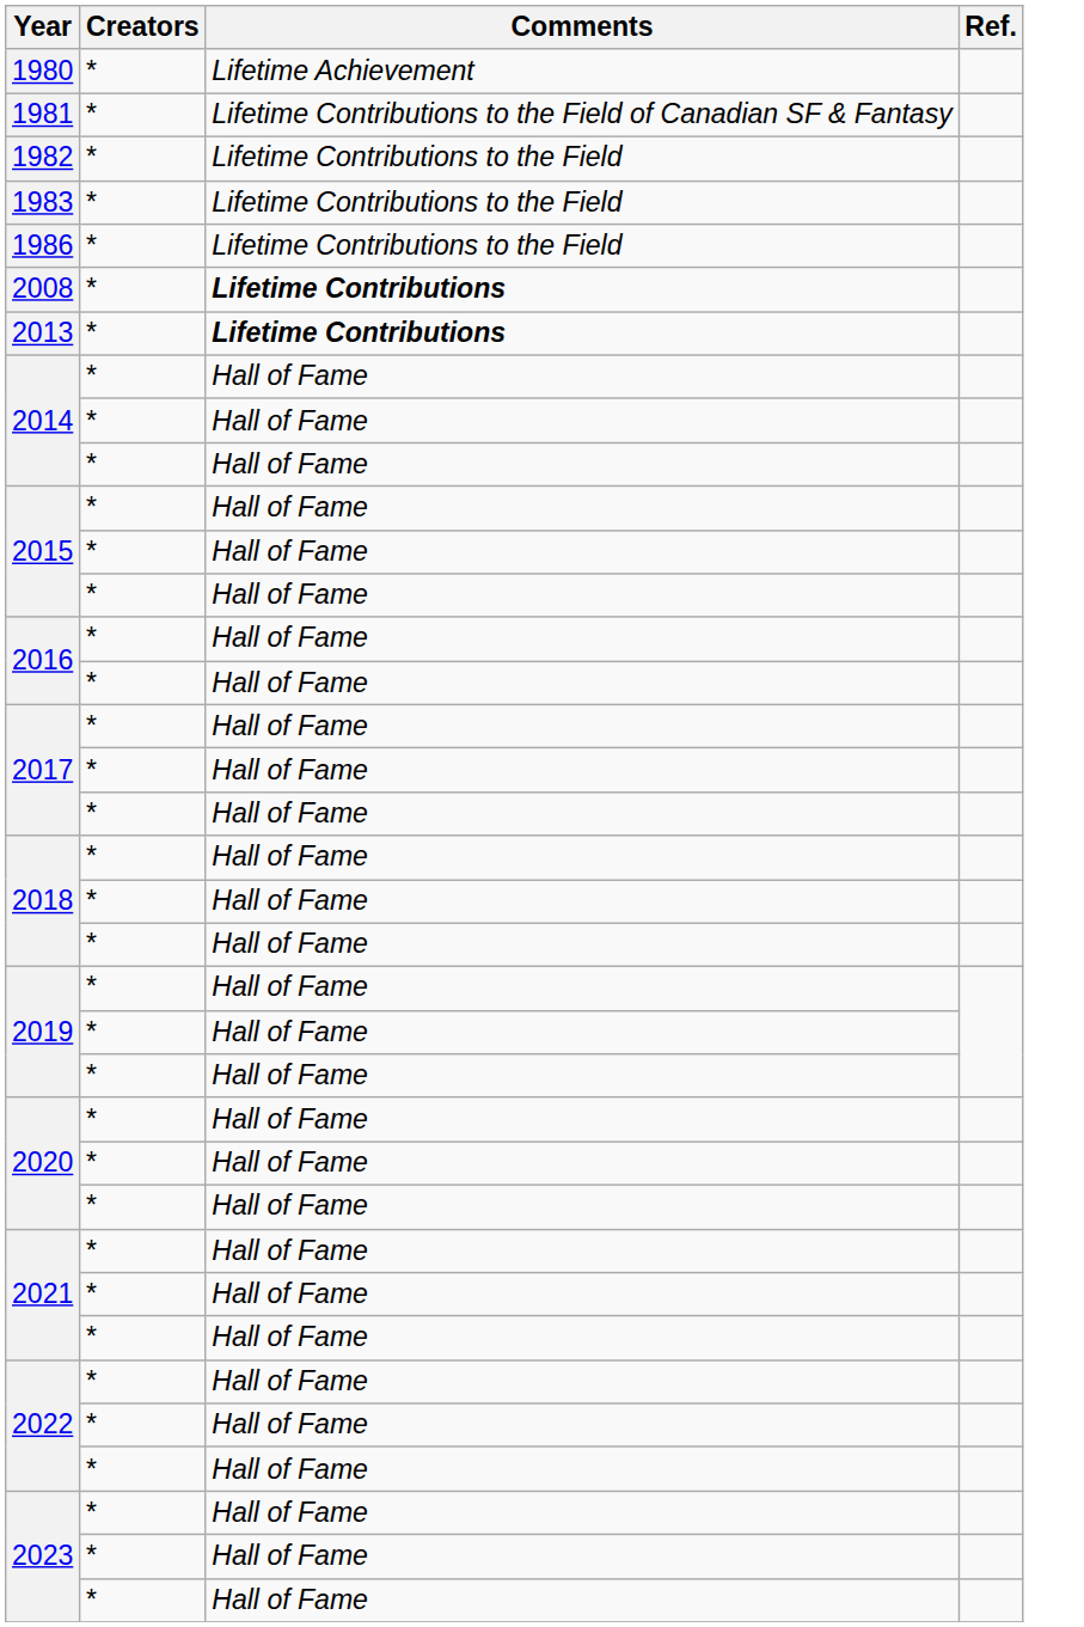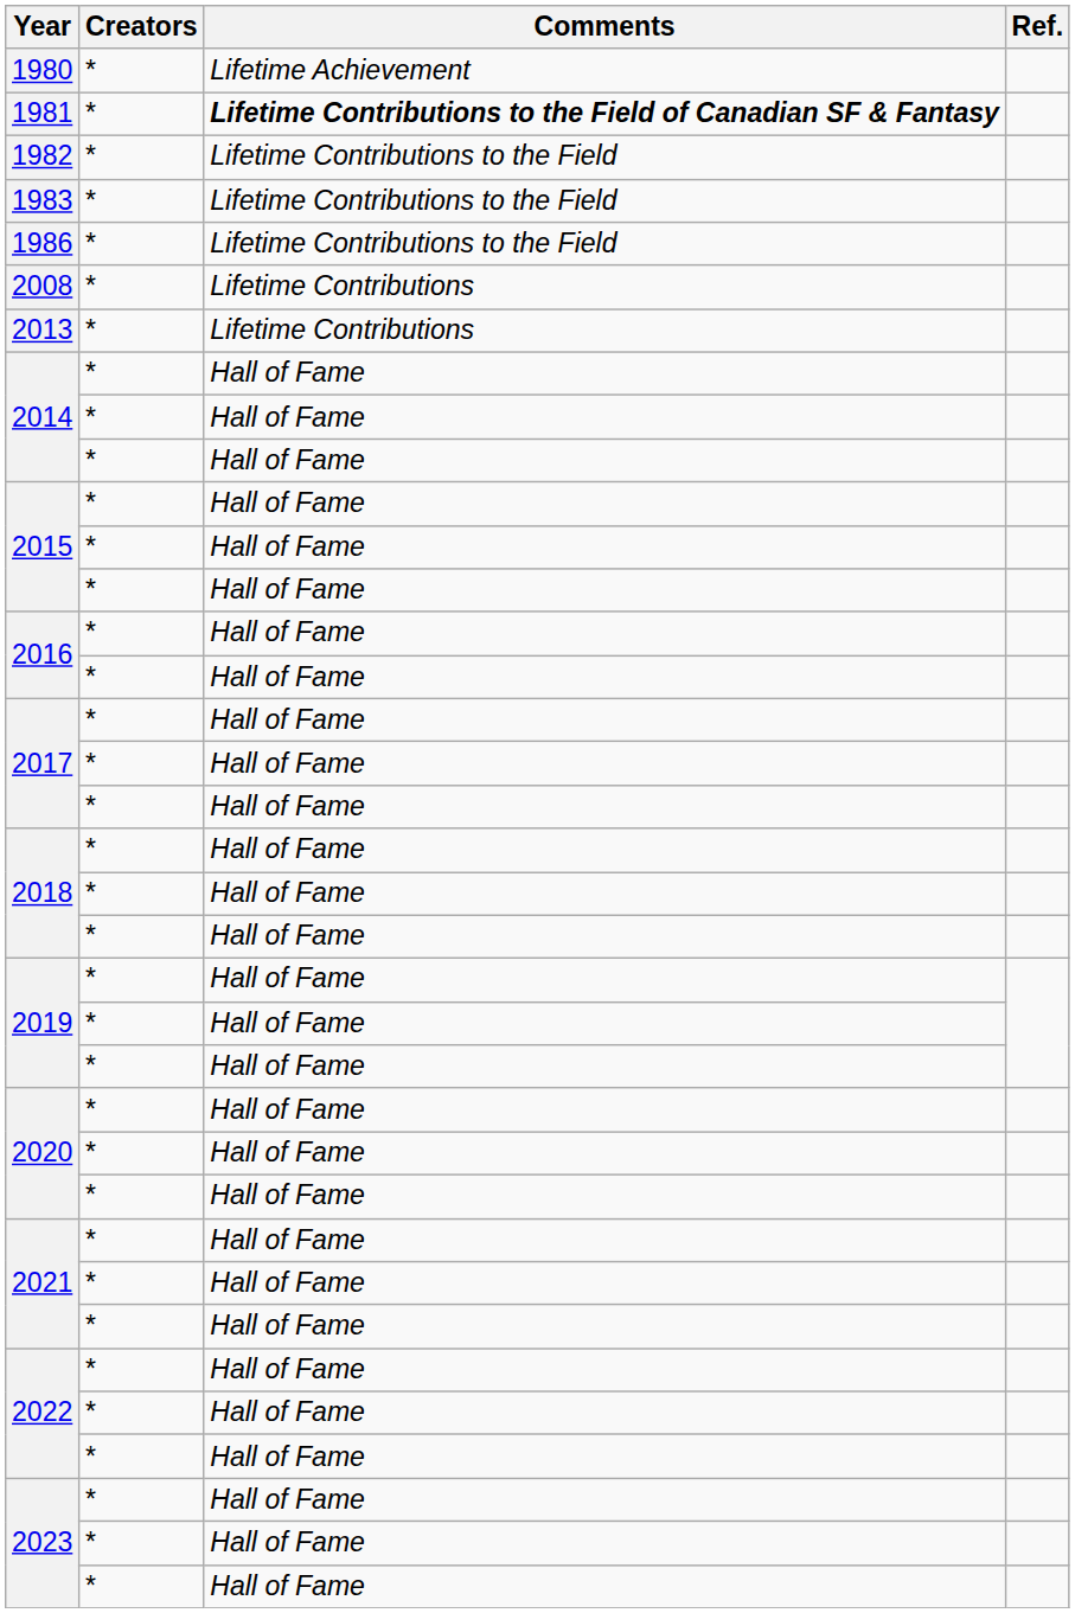 <table class="sortable wikitable">
 <tr>
 <th scope="col">Year</th>
 <th scope="col">Creators</th>
 <th scope="col">Comments</th>
 <th class="unsortable">Ref.</th>
 </tr>
 <tr>
 <th scope="row" align="center" style="font-weight:normal;"><a href='#'>1980</a></th>
 <td>*</td>
 <td><em>Lifetime Achievement</em></td>
 <td align="center"></td>
 </tr>
 <tr>
 <th scope="row" align="center" style="font-weight:normal;"><a href='#'>1981</a></th>
 <td>*</td>
-<td><em>Lifetime Contributions to the Field of Canadian SF & Fantasy</em></td>
+<td><strong><em>Lifetime Contributions to the Field of Canadian SF & Fantasy</em></strong></td>
 <td align="center"></td>
 </tr>
 <tr>
 <th scope="row" align="center" style="font-weight:normal;"><a href='#'>1982</a></th>
 <td>*</td>
 <td><em>Lifetime Contributions to the Field</em></td>
 <td align="center"></td>
 </tr>
 <tr>
 <th scope="row" align="center" style="font-weight:normal;"><a href='#'>1983</a></th>
 <td>*</td>
 <td><em>Lifetime Contributions to the Field</em></td>
 <td align="center"></td>
 </tr>
 <tr>
 <th scope="row" align="center" style="font-weight:normal;"><a href='#'>1986</a></th>
 <td>*</td>
 <td><em>Lifetime Contributions to the Field</em></td>
 <td align="center"></td>
 </tr>
 <tr>
 <th scope="row" align="center" style="font-weight:normal;"><a href='#'>2008</a></th>
 <td>*</td>
-<td><strong><em>Lifetime Contributions</em></strong></td>
+<td><em>Lifetime Contributions</em></td>
 <td align="center"></td>
 </tr>
 <tr>
 <th scope="row" align="center" style="font-weight:normal;"><a href='#'>2013</a></th>
 <td>*</td>
-<td><strong><em>Lifetime Contributions</em></strong></td>
+<td><em>Lifetime Contributions</em></td>
 <td align="center"></td>
 </tr>
 <tr>
 <th rowspan="3" scope="row" align="center" style="font-weight:normal;"><a href='#'>2014</a></th>
 <td>*</td>
 <td><em>Hall of Fame</em></td>
 <td align="center"></td>
 </tr>
 <tr>
 <td>*</td>
 <td><em>Hall of Fame</em></td>
 <td align="center"></td>
 </tr>
 <tr>
 <td>*</td>
 <td><em>Hall of Fame</em></td>
 <td align="center"></td>
 </tr>
 <tr>
 <th rowspan="3" scope="row" align="center" style="font-weight:normal;"><a href='#'>2015</a></th>
 <td>*</td>
 <td><em>Hall of Fame</em></td>
 <td align="center"></td>
 </tr>
 <tr>
 <td>*</td>
 <td><em>Hall of Fame</em></td>
 <td align="center"></td>
 </tr>
 <tr>
 <td>*</td>
 <td><em>Hall of Fame</em></td>
 <td align="center"></td>
 </tr>
 <tr>
 <th rowspan="2" scope="row" align="center" style="font-weight:normal;"><a href='#'>2016</a></th>
 <td>*</td>
 <td><em>Hall of Fame</em></td>
 <td align="center"></td>
 </tr>
 <tr>
 <td>*</td>
 <td><em>Hall of Fame</em></td>
 <td align="center"></td>
 </tr>
 <tr>
 <th rowspan="3" scope="row" align="center" style="font-weight:normal;"><a href='#'>2017</a></th>
 <td>*</td>
 <td><em>Hall of Fame</em></td>
 <td align="center"></td>
 </tr>
 <tr>
 <td>*</td>
 <td><em>Hall of Fame</em></td>
 <td align="center"></td>
 </tr>
 <tr>
 <td>*</td>
 <td><em>Hall of Fame</em></td>
 <td align="center"></td>
 </tr>
 <tr>
 <th rowspan="3" scope="row" align="center" style="font-weight:normal;"><a href='#'>2018</a></th>
 <td>*</td>
 <td><em>Hall of Fame</em></td>
 <td align="center"></td>
 </tr>
 <tr>
 <td>*</td>
 <td><em>Hall of Fame</em></td>
 <td align="center"></td>
 </tr>
 <tr>
 <td>*</td>
 <td><em>Hall of Fame</em></td>
 <td align="center"></td>
 </tr>
 <tr>
 <th rowspan="3" scope="row" align="center" style="font-weight:normal;"><a href='#'>2019</a></th>
 <td>*</td>
 <td><em>Hall of Fame</em></td>
 <td rowspan="3" align="center"></td>
 </tr>
 <tr>
 <td>*</td>
 <td><em>Hall of Fame</em></td>
 </tr>
 <tr>
 <td>*</td>
 <td><em>Hall of Fame</em></td>
 </tr>
 <tr>
 <th rowspan="3" scope="row" align="center" style="font-weight:normal;"><a href='#'>2020</a></th>
 <td>*</td>
 <td><em>Hall of Fame</em></td>
 <td align="center"></td>
 </tr>
 <tr>
 <td>*</td>
 <td><em>Hall of Fame</em></td>
 <td align="center"></td>
 </tr>
 <tr>
 <td>*</td>
 <td><em>Hall of Fame</em></td>
 <td></td>
 </tr>
 <tr>
 <th rowspan="3" scope="row" align="center" style="font-weight:normal;"><a href='#'>2021</a></th>
 <td>*</td>
 <td><em>Hall of Fame</em></td>
 <td align="center"></td>
 </tr>
 <tr>
 <td>*</td>
 <td><em>Hall of Fame</em></td>
 <td align="center"></td>
 </tr>
 <tr>
 <td>*</td>
 <td><em>Hall of Fame</em></td>
 <td></td>
 </tr>
 <tr>
 <th rowspan="3" scope="row" align="center" style="font-weight:normal;"><a href='#'>2022</a></th>
 <td>*</td>
 <td><em>Hall of Fame</em></td>
 <td align="center"></td>
 </tr>
 <tr>
 <td>*</td>
 <td><em>Hall of Fame</em></td>
 <td align="center"></td>
 </tr>
 <tr>
 <td>*</td>
 <td><em>Hall of Fame</em></td>
 <td></td>
 </tr>
 <tr>
 <th rowspan="3" scope="row" align="center" style="font-weight:normal;"><a href='#'>2023</a></th>
 <td>*</td>
 <td><em>Hall of Fame</em></td>
 <td align="center"></td>
 </tr>
 <tr>
 <td>*</td>
 <td><em>Hall of Fame</em></td>
 <td align="center"></td>
 </tr>
 <tr>
 <td>*</td>
 <td><em>Hall of Fame</em></td>
 <td></td>
 </tr>
 </table>
